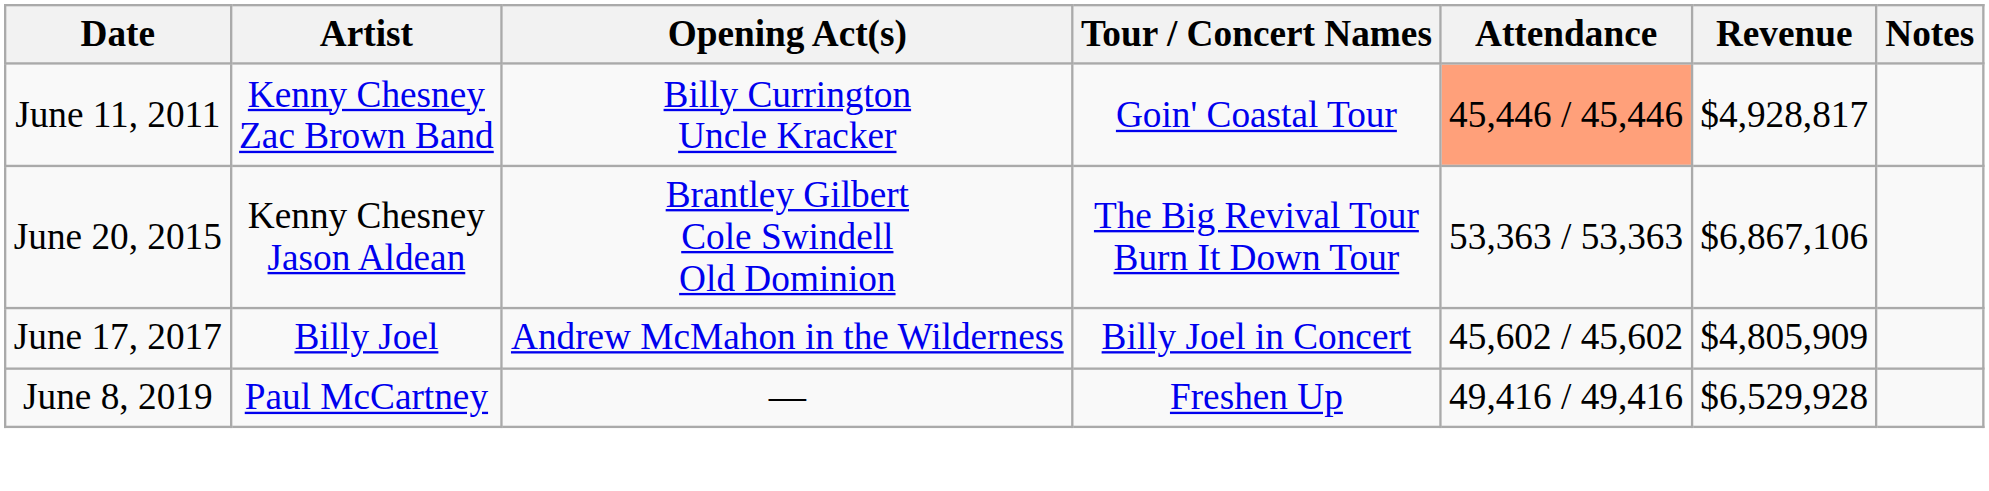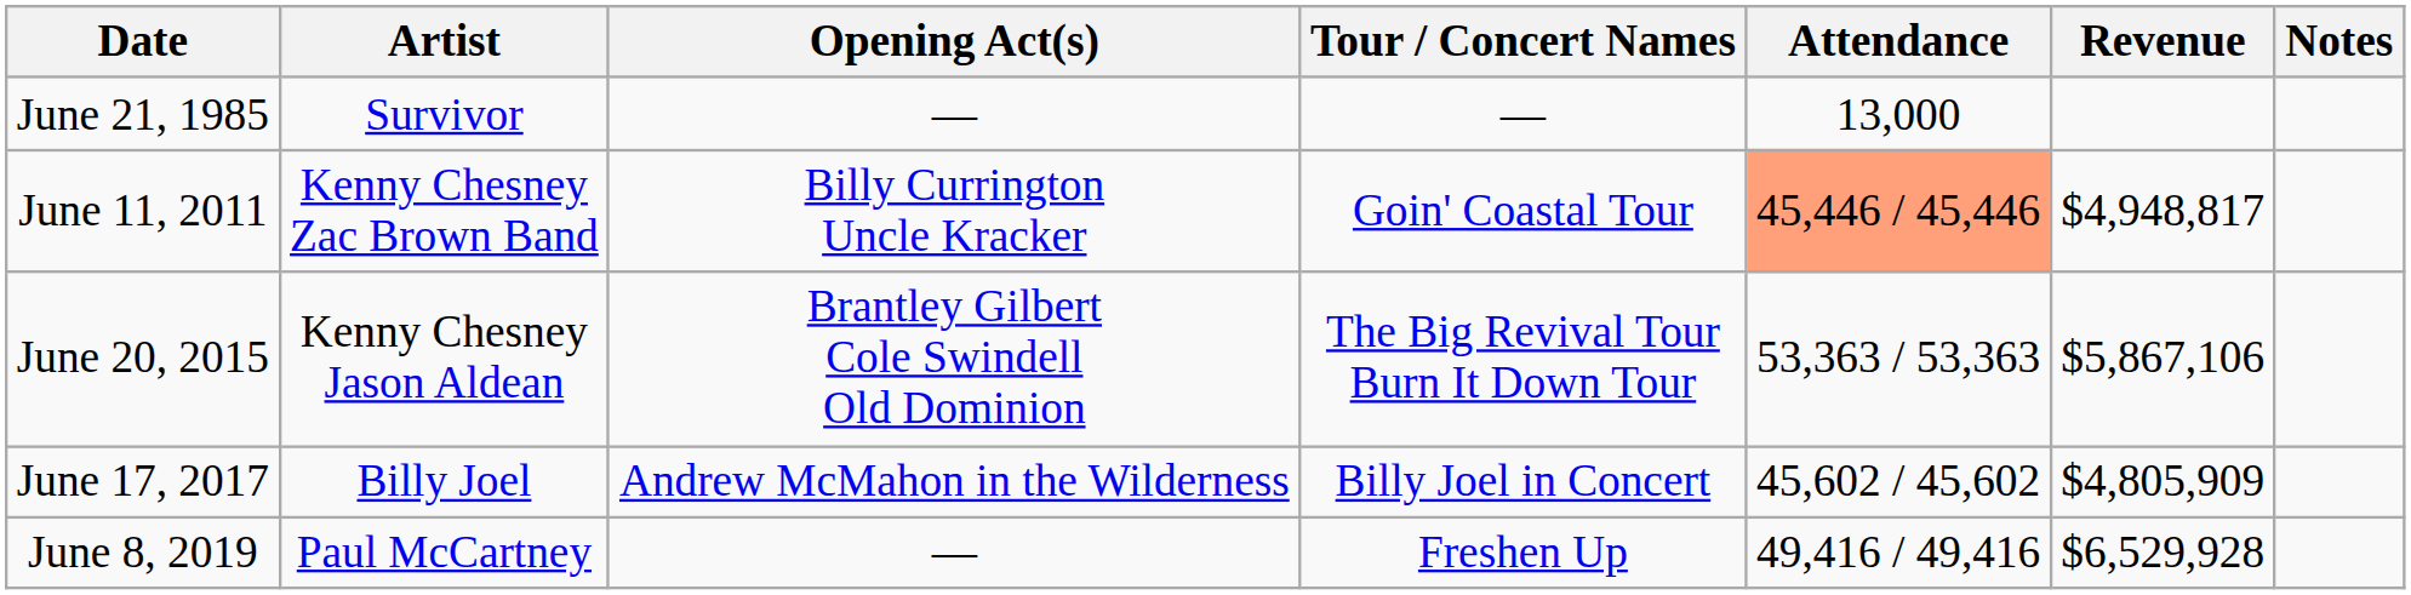 <table class="wikitable" style="text-align:center;">
 <tr>
 <th style="text-align:center;">Date</th>
 <th style="text-align:center;">Artist</th>
 <th style="text-align:center;">Opening Act(s)</th>
 <th style="text-align:center;">Tour / Concert Names</th>
 <th style="text-align:center;">Attendance</th>
 <th style="text-align:center;">Revenue</th>
 <th style="text-align:center;">Notes</th>
 </tr>
 <tr>
+<td>June 21, 1985</td>
+<td><a href='#'>Survivor</a></td>
+<td>—</td>
+<td>—</td>
+<td>13,000</td>
+<td></td>
+<td></td>
+</tr>
+<tr>
 <td>June 11, 2011</td>
 <td><a href='#'>Kenny Chesney</a><br><a href='#'>Zac Brown Band</a></td>
 <td><a href='#'>Billy Currington</a><br><a href='#'>Uncle Kracker</a></td>
 <td><a href='#'>Goin' Coastal Tour</a></td>
 <td style="background: lightsalmon;">45,446 / 45,446</td>
-<td>$4,928,817</td>
+<td>$4,948,817</td>
 <td></td>
 </tr>
 <tr>
 <td>June 20, 2015</td>
 <td>Kenny Chesney<br><a href='#'>Jason Aldean</a></td>
 <td><a href='#'>Brantley Gilbert</a><br><a href='#'>Cole Swindell</a><br><a href='#'>Old Dominion</a></td>
 <td><a href='#'>The Big Revival Tour</a><br><a href='#'>Burn It Down Tour</a></td>
 <td>53,363 / 53,363</td>
-<td>$6,867,106</td>
+<td>$5,867,106</td>
 <td></td>
 </tr>
 <tr>
 <td>June 17, 2017</td>
 <td><a href='#'>Billy Joel</a></td>
 <td><a href='#'>Andrew McMahon in the Wilderness</a></td>
 <td><a href='#'>Billy Joel in Concert</a></td>
 <td>45,602 / 45,602</td>
 <td>$4,805,909</td>
 <td><br></td>
 </tr>
 <tr>
 <td>June 8, 2019</td>
 <td><a href='#'>Paul McCartney</a></td>
 <td>—</td>
 <td><a href='#'>Freshen Up</a></td>
 <td>49,416 / 49,416</td>
 <td>$6,529,928</td>
 <td></td>
 </tr>
 </table>
